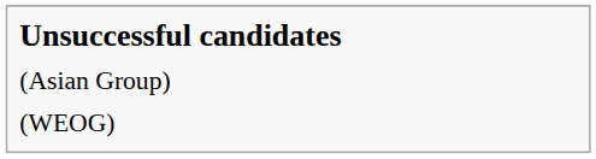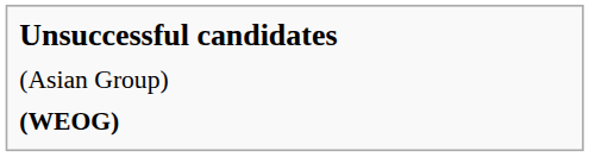 <table class="infobox" style="width:300px;">
 <tr>
 <td><strong>Unsuccessful candidates</strong></td>
 </tr>
 <tr>
 <td> <small>(Asian Group)</small></td>
 </tr>
 <tr>
-<td> <small>(WEOG)</small></td>
+<td><strong> <small>(WEOG)</small></strong></td>
 </tr>
 </table>
